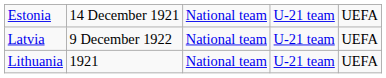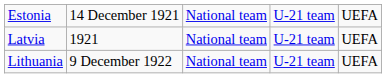 <table class="wikitable">
 <tr>
 <td> <a href='#'>Estonia</a></td>
 <td>14 December 1921</td>
 <td><a href='#'>National team</a></td>
 <td><a href='#'>U-21 team</a></td>
 <td>UEFA</td>
 </tr>
 <tr>
 <td> <a href='#'>Latvia</a></td>
-<td>9 December 1922</td>
+<td>1921</td>
 <td><a href='#'>National team</a></td>
 <td><a href='#'>U-21 team</a></td>
 <td>UEFA</td>
 </tr>
 <tr>
 <td> <a href='#'>Lithuania</a></td>
-<td>1921</td>
+<td>9 December 1922</td>
 <td><a href='#'>National team</a></td>
 <td><a href='#'>U-21 team</a></td>
 <td>UEFA</td>
 </tr>
 </table>
